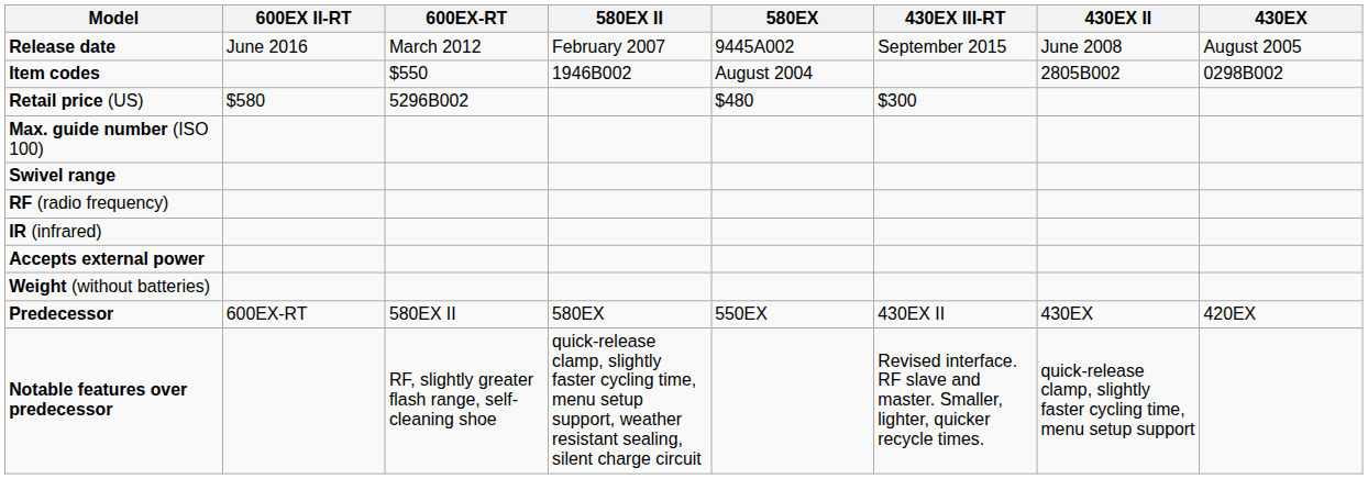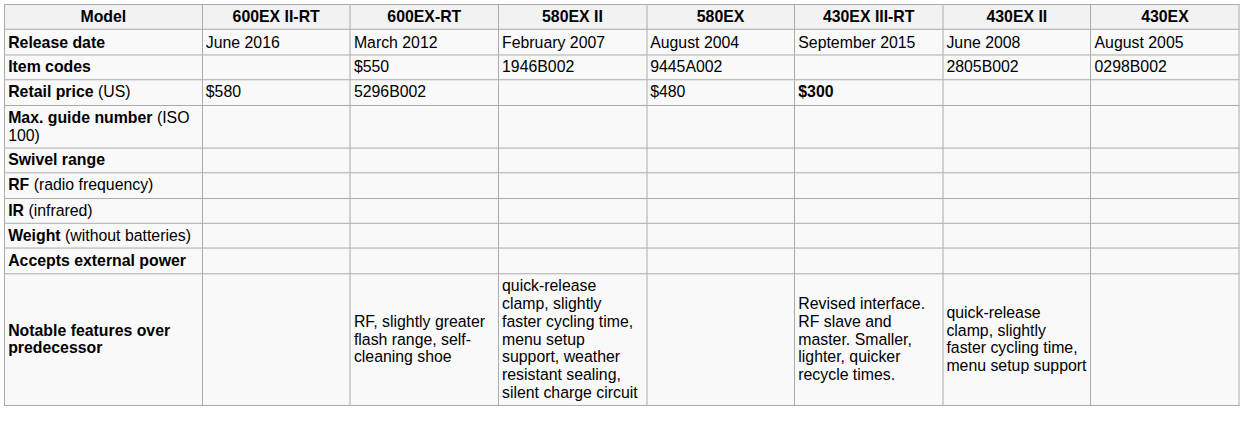 <table class="wikitable collapsible">
 <tr>
 <th>Model</th>
 <th style="width:12%;">600EX II-RT</th>
 <th style="width:12%;">600EX-RT</th>
 <th style="width:12%;">580EX II</th>
 <th style="width:12%;">580EX</th>
 <th style="width:12%;">430EX III-RT</th>
 <th style="width:12%;">430EX II</th>
 <th style="width:12%;">430EX</th>
 </tr>
 <tr>
 <td><strong>Release date</strong></td>
 <td>June 2016</td>
 <td>March 2012</td>
 <td>February 2007</td>
-<td>9445A002</td>
+<td>August 2004</td>
 <td>September 2015</td>
 <td>June 2008</td>
 <td>August 2005</td>
 </tr>
 <tr>
 <td><strong>Item codes</strong></td>
 <td></td>
 <td>$550</td>
 <td>1946B002</td>
-<td>August 2004</td>
+<td>9445A002</td>
 <td></td>
 <td>2805B002</td>
 <td>0298B002</td>
 </tr>
 <tr>
 <td><strong>Retail price</strong> (US)</td>
 <td>$580</td>
 <td>5296B002</td>
 <td></td>
 <td>$480</td>
-<td>$300</td>
+<td><strong>$300</strong></td>
 <td></td>
 <td></td>
 </tr>
 <tr>
 <td><strong>Max. guide number</strong> (ISO 100)</td>
 <td></td>
 <td></td>
 <td></td>
 <td></td>
 <td></td>
 <td></td>
 <td></td>
 </tr>
 <tr>
 <td><strong>Swivel range</strong></td>
 <td></td>
 <td></td>
 <td></td>
 <td></td>
 <td></td>
 <td></td>
 <td></td>
 </tr>
 <tr>
 <td><strong>RF</strong> (radio frequency)</td>
 <td></td>
 <td></td>
 <td></td>
 <td></td>
 <td></td>
 <td></td>
 <td></td>
 </tr>
 <tr>
 <td><strong>IR</strong> (infrared)</td>
 <td></td>
 <td></td>
 <td></td>
 <td></td>
 <td></td>
 <td></td>
 <td></td>
 </tr>
 <tr>
-<td><strong>Accepts external power</strong></td>
-<td></td>
-<td></td>
-<td></td>
-<td></td>
-<td></td>
-<td></td>
-<td></td>
-</tr>
-<tr>
 <td><strong>Weight</strong> (without batteries)</td>
 <td></td>
 <td></td>
 <td></td>
 <td></td>
 <td></td>
 <td></td>
 <td></td>
 </tr>
 <tr>
-<td><strong>Predecessor</strong></td>
-<td>600EX-RT</td>
-<td>580EX II</td>
-<td>580EX</td>
-<td>550EX</td>
-<td>430EX II</td>
-<td>430EX</td>
-<td>420EX</td>
+<td><strong>Accepts external power</strong></td>
+<td></td>
+<td></td>
+<td></td>
+<td></td>
+<td></td>
+<td></td>
+<td></td>
 </tr>
 <tr>
 <td><strong>Notable features over predecessor</strong></td>
 <td></td>
 <td>RF, slightly greater flash range, self-cleaning shoe</td>
 <td>quick-release clamp, slightly faster cycling time, menu setup support, weather resistant sealing, silent charge circuit</td>
 <td></td>
 <td>Revised interface.<br>RF slave and master. Smaller, lighter, quicker recycle times.</td>
 <td>quick-release clamp, slightly faster cycling time, menu setup support</td>
 <td></td>
 </tr>
 </table>
